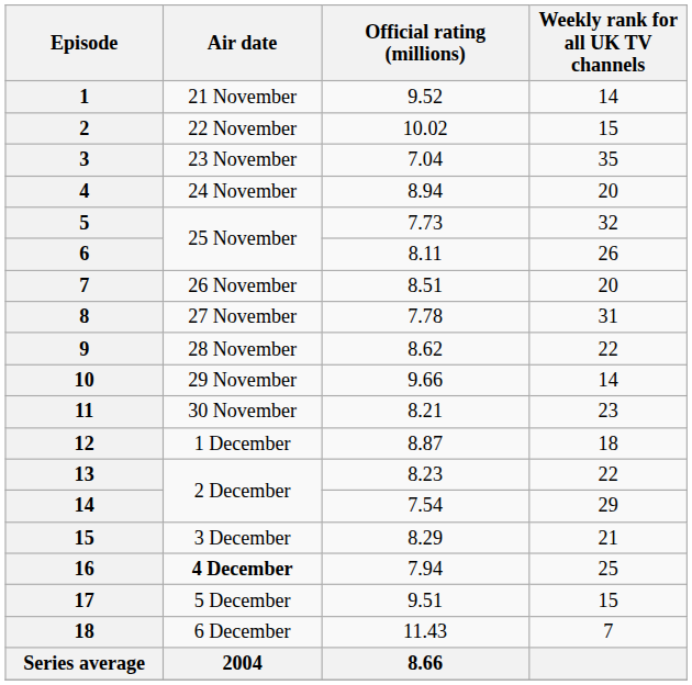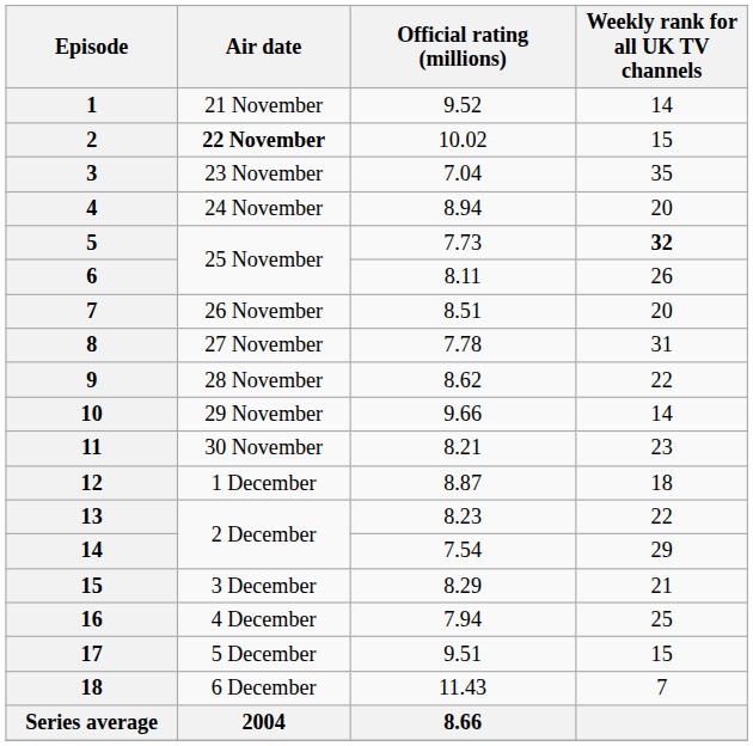 <table class="wikitable" style="text-align:center; margin: 1em auto 1em auto">
 <tr>
 <th scope="col" style="width:120px;">Episode</th>
 <th scope="col" style="width:120px;">Air date</th>
 <th scope="col" style="width:160px;">Official rating <br> (millions)</th>
 <th scope="col" style="width:120px;">Weekly rank for all UK TV channels</th>
 </tr>
 <tr>
 <th>1</th>
 <td>21 November</td>
 <td>9.52</td>
 <td>14</td>
 </tr>
 <tr>
 <th>2</th>
-<td>22 November</td>
+<td><strong>22 November</strong></td>
 <td>10.02</td>
 <td>15</td>
 </tr>
 <tr>
 <th>3</th>
 <td>23 November</td>
 <td>7.04</td>
 <td>35</td>
 </tr>
 <tr>
 <th>4</th>
 <td>24 November</td>
 <td>8.94</td>
 <td>20</td>
 </tr>
 <tr>
 <th>5</th>
 <td rowspan="2">25 November</td>
 <td>7.73</td>
-<td>32</td>
+<td><strong>32</strong></td>
 </tr>
 <tr>
 <th>6</th>
 <td>8.11</td>
 <td>26</td>
 </tr>
 <tr>
 <th>7</th>
 <td>26 November</td>
 <td>8.51</td>
 <td>20</td>
 </tr>
 <tr>
 <th>8</th>
 <td>27 November</td>
 <td>7.78</td>
 <td>31</td>
 </tr>
 <tr>
 <th>9</th>
 <td>28 November</td>
 <td>8.62</td>
 <td>22</td>
 </tr>
 <tr>
 <th>10</th>
 <td>29 November</td>
 <td>9.66</td>
 <td>14</td>
 </tr>
 <tr>
 <th>11</th>
 <td>30 November</td>
 <td>8.21</td>
 <td>23</td>
 </tr>
 <tr>
 <th>12</th>
 <td>1 December</td>
 <td>8.87</td>
 <td>18</td>
 </tr>
 <tr>
 <th>13</th>
 <td rowspan="2">2 December</td>
 <td>8.23</td>
 <td>22</td>
 </tr>
 <tr>
 <th>14</th>
 <td>7.54</td>
 <td>29</td>
 </tr>
 <tr>
 <th>15</th>
 <td>3 December</td>
 <td>8.29</td>
 <td>21</td>
 </tr>
 <tr>
 <th>16</th>
-<td><strong>4 December</strong></td>
+<td>4 December</td>
 <td>7.94</td>
 <td>25</td>
 </tr>
 <tr>
 <th>17</th>
 <td>5 December</td>
 <td>9.51</td>
 <td>15</td>
 </tr>
 <tr>
 <th>18</th>
 <td>6 December</td>
 <td>11.43</td>
 <td>7</td>
 </tr>
 <tr>
 <th>Series average</th>
 <th>2004</th>
 <th>8.66</th>
 <th></th>
 </tr>
 <tr>
 </tr>
 </table>
